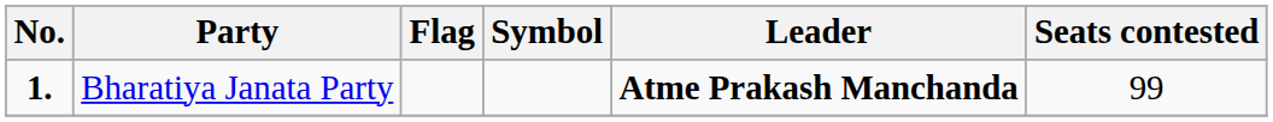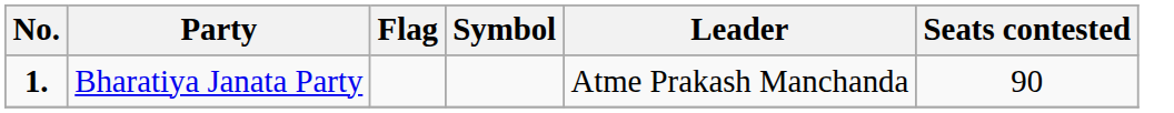 <table class="wikitable">
 <tr>
 <th>No.</th>
 <th>Party</th>
 <th>Flag</th>
 <th>Symbol</th>
 <th>Leader</th>
 <th>Seats contested</th>
 </tr>
 <tr>
 <td ! style="text-align:center; background:"><strong>1.</strong></td>
 <td style="text-align:center"><a href='#'>Bharatiya Janata Party</a></td>
 <td></td>
 <td></td>
-<td style="text-align:center"><strong>Atme Prakash Manchanda</strong></td>
-<td style="text-align:center">99</td>
+<td style="text-align:center">Atme Prakash Manchanda</td>
+<td style="text-align:center">90</td>
 </tr>
 <tr>
 </tr>
 </table>
